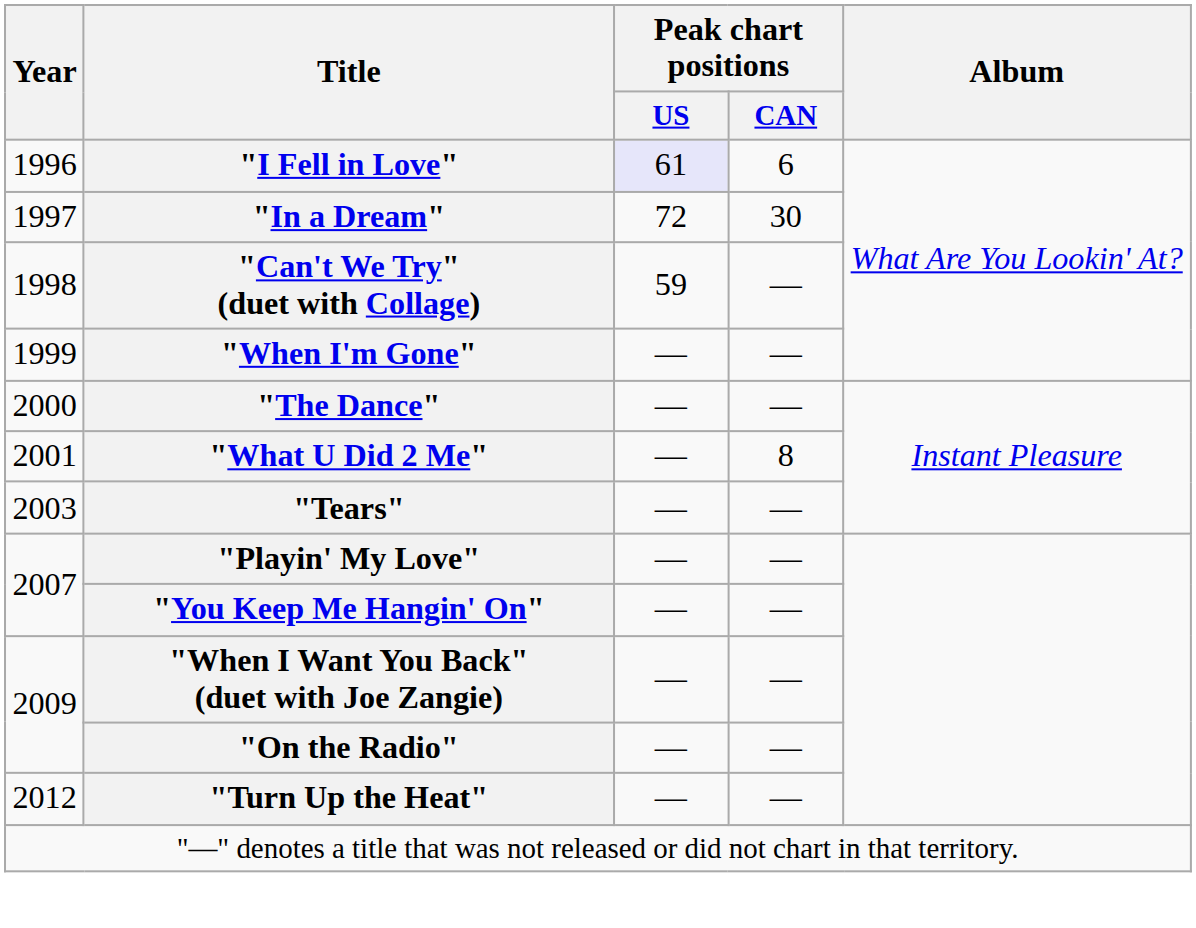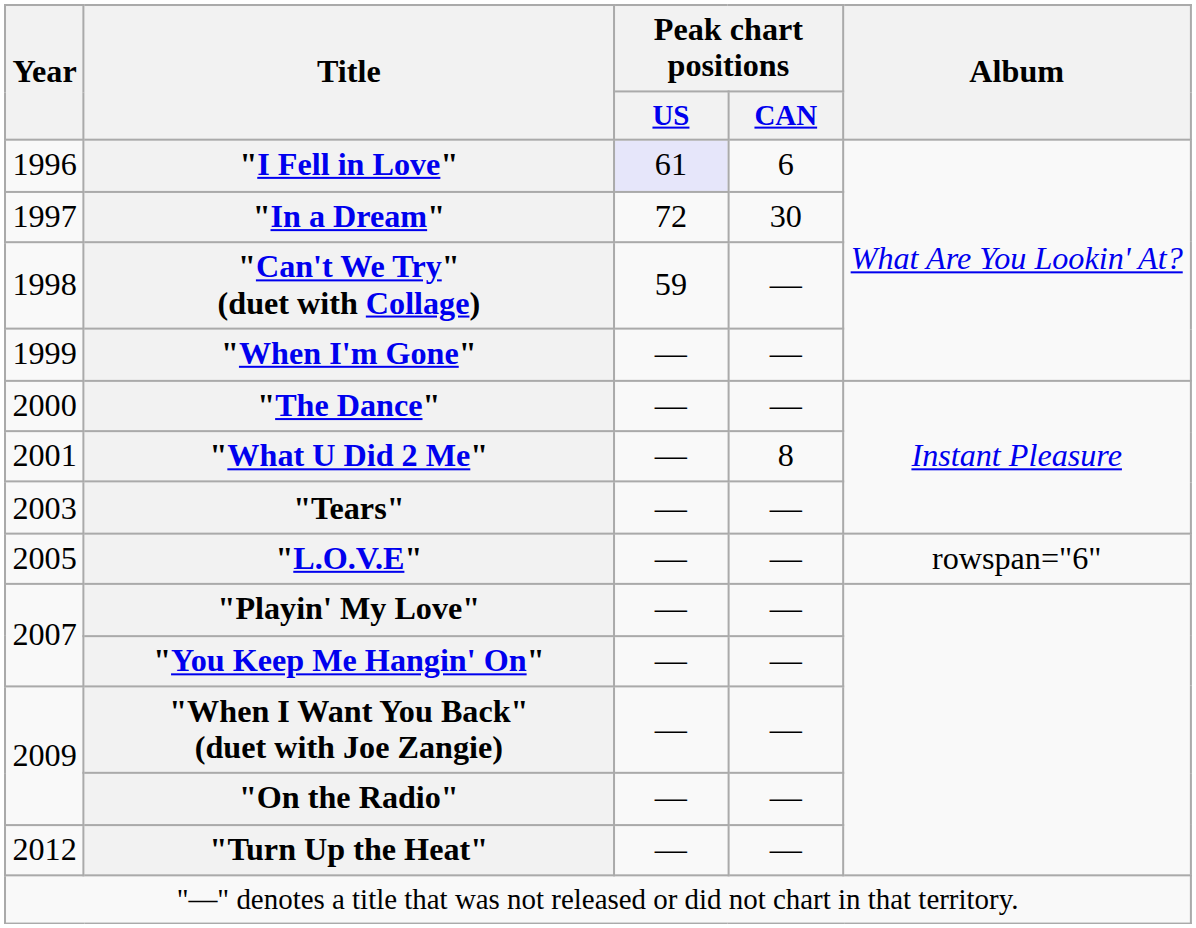 <table class="wikitable plainrowheaders" style="text-align:center;">
 <tr>
 <th scope="col" rowspan="2">Year</th>
 <th scope="col" rowspan="2" style="width:16em;">Title</th>
 <th scope="col" colspan="2">Peak chart positions</th>
 <th scope="col" rowspan="2">Album</th>
 </tr>
 <tr>
 <th style="width:3.5em;font-size:90%"><a href='#'>US</a><br></th>
 <th style="width:3.5em;font-size:90%"><a href='#'>CAN</a><br></th>
 </tr>
 <tr>
 <td>1996</td>
 <th scope="row">"<a href='#'>I Fell in Love</a>"</th>
 <td style="background: lavender;">61</td>
 <td>6</td>
 <td rowspan="4"><em><a href='#'>What Are You Lookin' At?</a></em></td>
 </tr>
 <tr>
 <td>1997</td>
 <th scope="row">"<a href='#'>In a Dream</a>"</th>
 <td>72</td>
 <td 30>30</td>
 </tr>
 <tr>
 <td>1998</td>
 <th scope="row">"<a href='#'>Can't We Try</a>"<br><span>(duet with <a href='#'>Collage</a>)</span></th>
 <td>59</td>
 <td —>—</td>
 </tr>
 <tr>
 <td>1999</td>
 <th scope="row">"<a href='#'>When I'm Gone</a>"</th>
 <td>—</td>
 <td —>—</td>
 </tr>
 <tr>
 <td>2000</td>
 <th scope="row">"<a href='#'>The Dance</a>"</th>
 <td>—</td>
 <td —>—</td>
 <td rowspan="3"><em><a href='#'>Instant Pleasure</a></em></td>
 </tr>
 <tr>
 <td>2001</td>
 <th scope="row">"<a href='#'>What U Did 2 Me</a>"</th>
 <td>—</td>
 <td>8</td>
 </tr>
 <tr>
 <td>2003</td>
 <th scope="row">"Tears"</th>
 <td>—</td>
 <td —>—</td>
 </tr>
 <tr>
+<td>2005</td>
+<th scope="row">"<a href='#'>L.O.V.E</a>"</th>
+<td>—</td>
+<td —>—</td>
+<td>rowspan="6" </td>
+</tr>
+<tr>
 <td rowspan="2">2007</td>
 <th scope="row">"Playin' My Love"</th>
 <td>—</td>
 <td —>—</td>
 </tr>
 <tr>
 <th scope="row">"<a href='#'>You Keep Me Hangin' On</a>"</th>
 <td>—</td>
 <td —>—</td>
 </tr>
 <tr>
 <td rowspan="2">2009</td>
 <th scope="row">"When I Want You Back"<br><span>(duet with Joe Zangie)</span></th>
 <td>—</td>
 <td —>—</td>
 </tr>
 <tr>
 <th scope="row">"On the Radio"</th>
 <td>—</td>
 <td —>—</td>
 </tr>
 <tr>
 <td>2012</td>
 <th scope="row">"Turn Up the Heat"</th>
 <td>—</td>
 <td —>—</td>
 </tr>
 <tr>
 <td colspan="5" style="font-size:90%">"—" denotes a title that was not released or did not chart in that territory.</td>
 </tr>
 </table>
